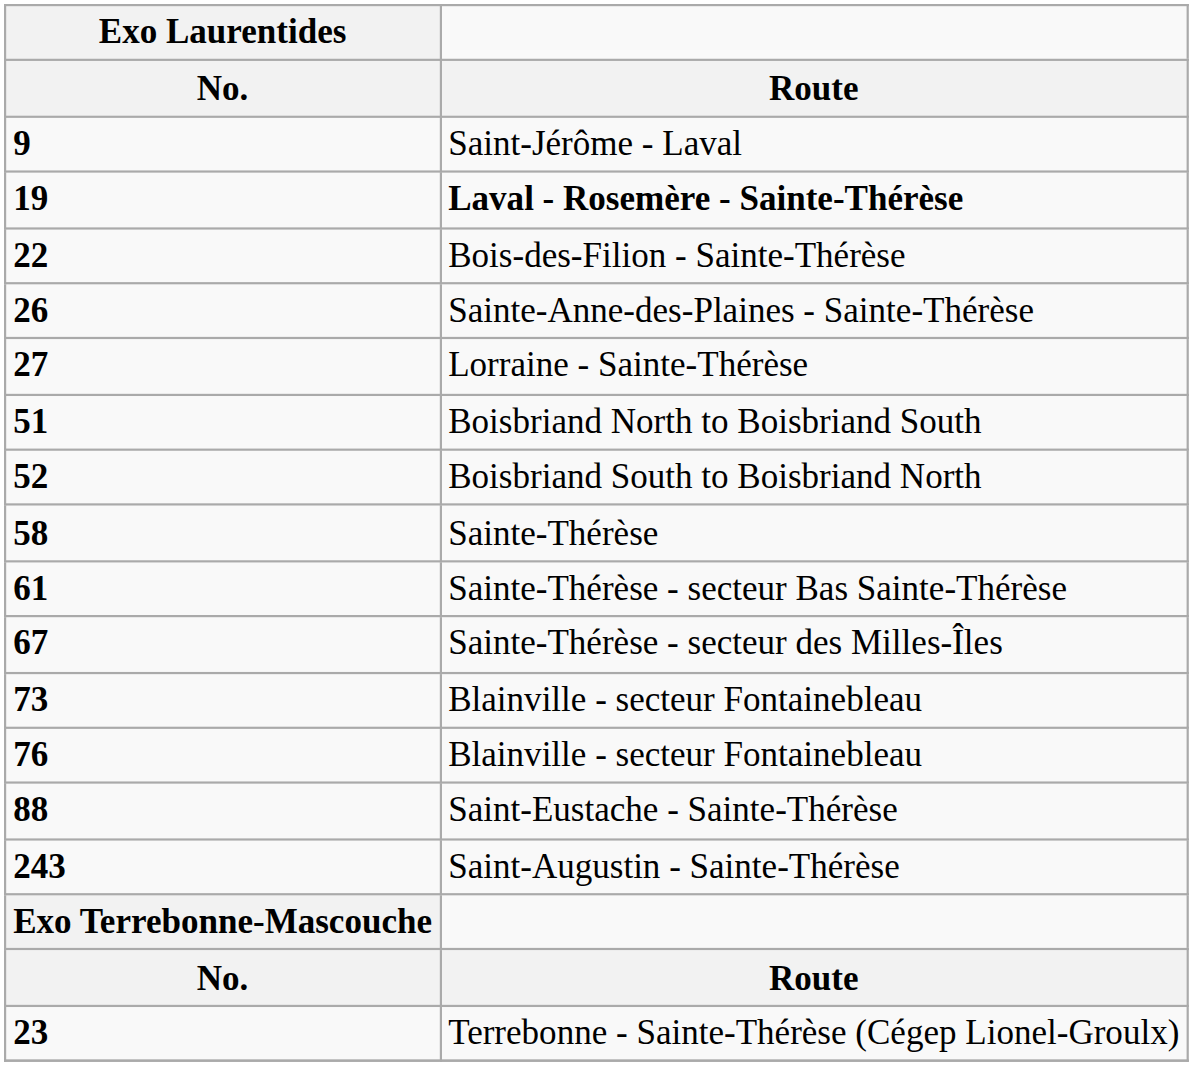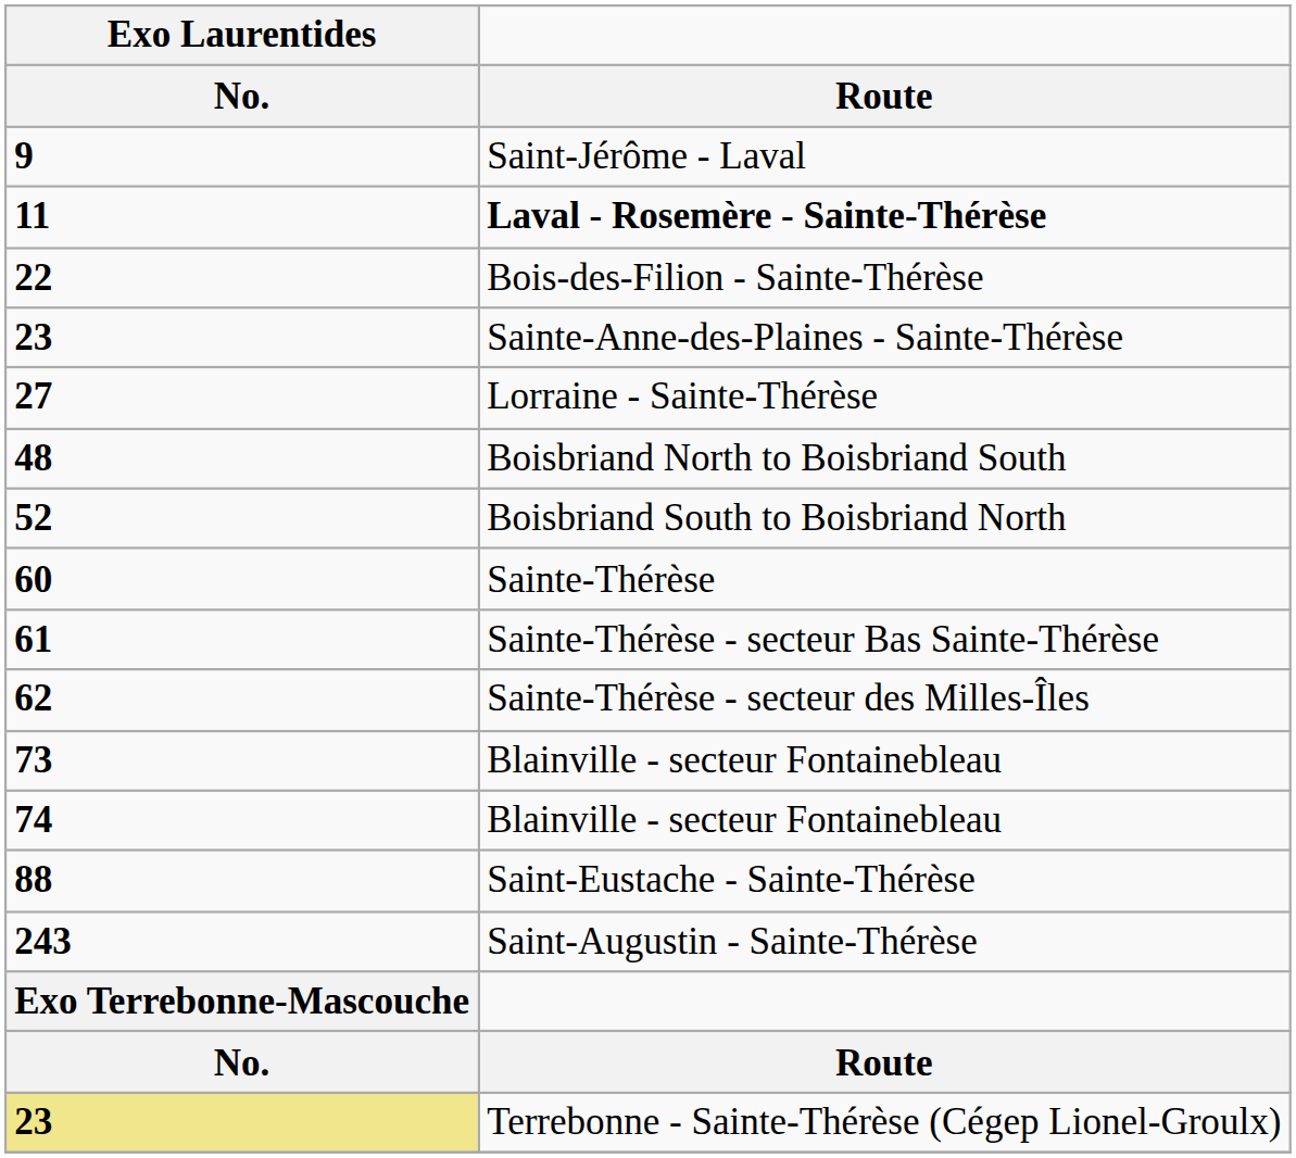 <table align=center class="wikitable">
 <tr>
 <th style="background: #">Exo Laurentides</th>
 </tr>
 <tr>
 <th>No.</th>
 <th>Route</th>
 </tr>
 <tr>
 <td {{border> <strong>9</strong></td>
 <td>Saint-Jérôme - Laval</td>
 </tr>
 <tr>
-<td {{border> <strong>19</strong></td>
+<td {{border> <strong>11</strong></td>
 <td><strong>Laval - Rosemère - Sainte-Thérèse</strong></td>
 </tr>
 <tr>
 <td {{border> <strong>22</strong></td>
 <td>Bois-des-Filion - Sainte-Thérèse</td>
 </tr>
 <tr>
-<td {{border> <strong>26</strong></td>
+<td {{border> <strong>23</strong></td>
 <td>Sainte-Anne-des-Plaines - Sainte-Thérèse</td>
 </tr>
 <tr>
 <td {{border> <strong>27</strong></td>
 <td>Lorraine - Sainte-Thérèse</td>
 </tr>
 <tr>
-<td {{border> <strong>51</strong></td>
+<td {{border> <strong>48</strong></td>
 <td>Boisbriand North to Boisbriand South</td>
 </tr>
 <tr>
 <td {{border> <strong>52</strong></td>
 <td>Boisbriand South to Boisbriand North</td>
 </tr>
 <tr>
-<td {{border> <strong>58</strong></td>
+<td {{border> <strong>60</strong></td>
 <td>Sainte-Thérèse</td>
 </tr>
 <tr>
 <td {{border> <strong>61</strong></td>
 <td>Sainte-Thérèse - secteur Bas Sainte-Thérèse</td>
 </tr>
 <tr>
-<td {{border> <strong>67</strong></td>
+<td {{border> <strong>62</strong></td>
 <td>Sainte-Thérèse - secteur des Milles-Îles</td>
 </tr>
 <tr>
 <td {{border> <strong>73</strong></td>
 <td>Blainville - secteur Fontainebleau</td>
 </tr>
 <tr>
-<td {{border> <strong>76</strong></td>
+<td {{border> <strong>74</strong></td>
 <td>Blainville - secteur Fontainebleau</td>
 </tr>
 <tr>
 <td {{border> <strong>88</strong></td>
 <td>Saint-Eustache - Sainte-Thérèse</td>
 </tr>
 <tr>
 <td {{border> <strong>243</strong></td>
 <td>Saint-Augustin - Sainte-Thérèse</td>
 </tr>
 <tr>
 <th style="background: #">Exo Terrebonne-Mascouche</th>
 </tr>
 <tr>
 <th>No.</th>
 <th>Route</th>
 </tr>
 <tr>
-<td {{border> <strong>23</strong></td>
+<td {{border style="background: khaki;"> <strong>23</strong></td>
 <td>Terrebonne - Sainte-Thérèse (Cégep Lionel-Groulx)</td>
 </tr>
 <tr>
 </tr>
 </table>
